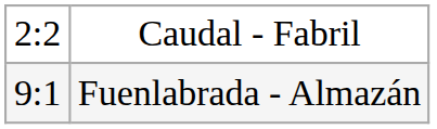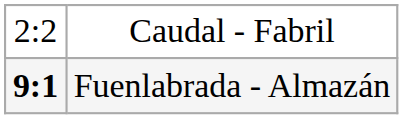 <table class="wikitable">
 <tr align=center bgcolor=white>
 <td>2:2</td>
 <td>Caudal - Fabril</td>
 </tr>
 <tr align=center bgcolor=#F5F5F5>
-<td>9:1</td>
+<td><strong>9:1</strong></td>
 <td>Fuenlabrada - Almazán</td>
 </tr>
 </table>
